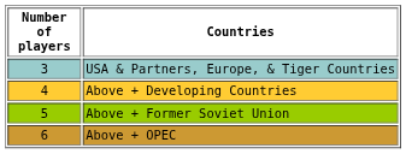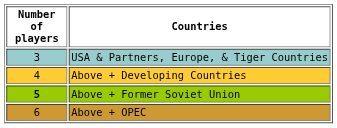 <table border="1" cellpadding="2" align="left">
 <tr>
 <th width="70">Number of players</th>
 <td style=text-align:center><strong>Countries</strong></td>
 </tr>
 <tr>
 <td style="background-color: #99CCCC; text-align:center">3</td>
 <td style="background-color: #99CCCC">USA & Partners, Europe, & Tiger Countries</td>
 </tr>
 <tr>
 <td style="background-color: #FFCC33; text-align:center">4</td>
 <td style="background-color: #FFCC33">Above + Developing Countries</td>
 </tr>
 <tr>
-<td style="background-color: #99CC00; text-align:center">5</td>
+<td style="background-color: #99CC00; text-align:center"><strong>5</strong></td>
 <td style="background-color: #99CC00">Above + Former Soviet Union</td>
 </tr>
 <tr>
 <td style="background-color: #CC9933; text-align:center">6</td>
 <td style="background-color: #CC9933">Above + OPEC</td>
 </tr>
 </table>
